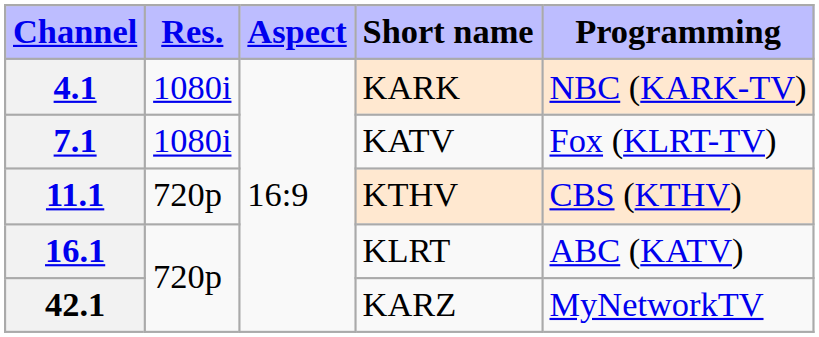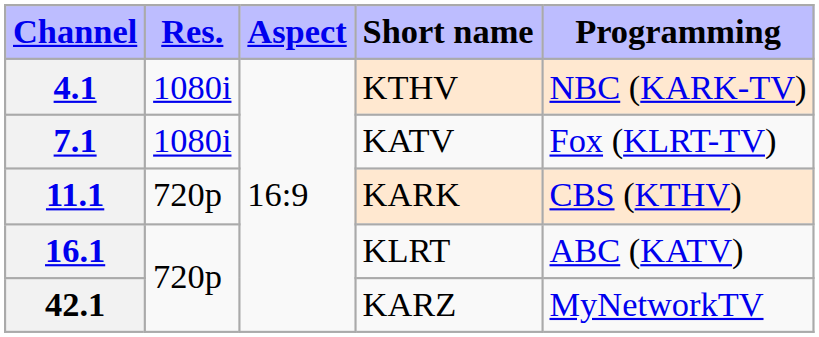 <table class = "wikitable">
 <tr>
 <th style="background-color: #bdbdff" scope = "col"><a href='#'>Channel</a></th>
 <th style="background-color: #bdbdff" scope = "col"><a href='#'>Res.</a></th>
 <th style="background-color: #bdbdff" scope = "col"><a href='#'>Aspect</a></th>
 <th style="background-color: #bdbdff" scope = "col">Short name</th>
 <th style="background-color: #bdbdff" scope = "col">Programming</th>
 </tr>
 <tr>
 <th scope = "row"><a href='#'>4.1</a></th>
 <td><a href='#'>1080i</a></td>
 <td rowspan=5>16:9</td>
-<td style="background-color:#ffe8d0">KARK</td>
+<td style="background-color:#ffe8d0">KTHV</td>
 <td style="background-color:#ffe8d0"><a href='#'>NBC</a> (<a href='#'>KARK-TV</a>) </td>
 </tr>
 <tr>
 <th scope = "row"><a href='#'>7.1</a></th>
 <td><a href='#'>1080i</a></td>
 <td>KATV</td>
 <td><a href='#'>Fox</a> (<a href='#'>KLRT-TV</a>)</td>
 </tr>
 <tr>
 <th scope = "row"><a href='#'>11.1</a></th>
 <td>720p</td>
-<td style="background-color:#ffe8d0">KTHV</td>
+<td style="background-color:#ffe8d0">KARK</td>
 <td style="background-color:#ffe8d0"><a href='#'>CBS</a> (<a href='#'>KTHV</a>) </td>
 </tr>
 <tr>
 <th scope = "row"><a href='#'>16.1</a></th>
 <td rowspan=2>720p</td>
 <td>KLRT</td>
 <td><a href='#'>ABC</a> (<a href='#'>KATV</a>)</td>
 </tr>
 <tr>
 <th scope = "row">42.1</th>
 <td>KARZ</td>
 <td><a href='#'>MyNetworkTV</a></td>
 </tr>
 </table>
